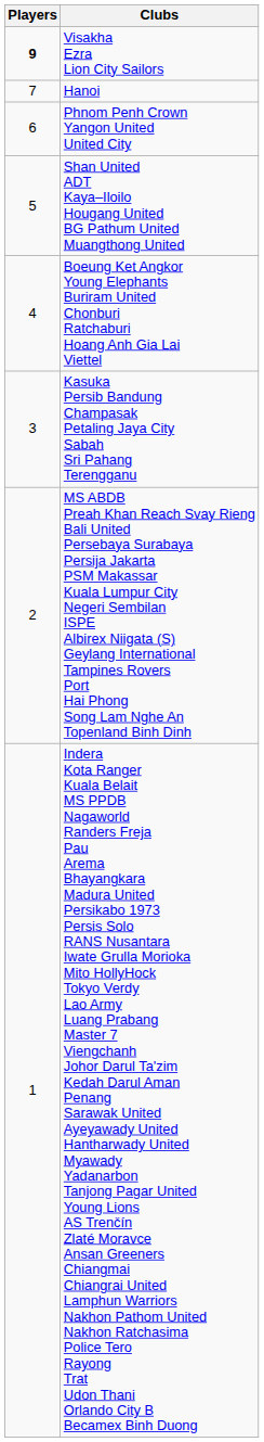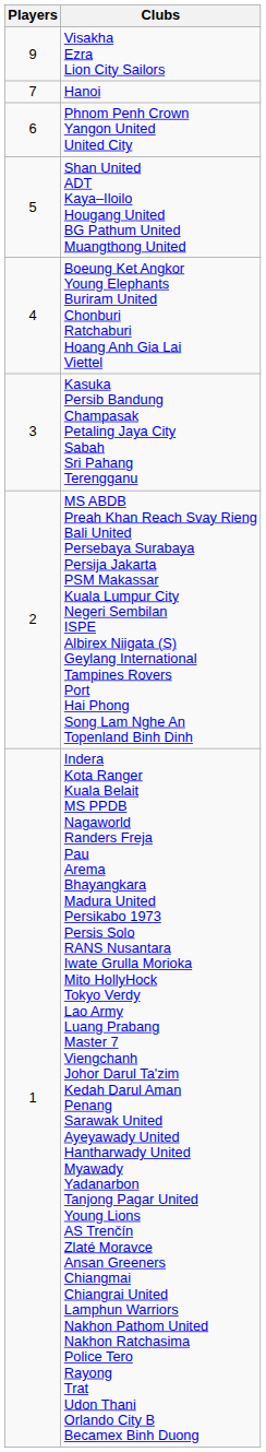 <table class="wikitable mw-collapsible mw-collapsed">
 <tr>
 <th>Players</th>
 <th>Clubs</th>
 </tr>
 <tr>
-<td align=center><strong>9</strong></td>
+<td align=center>9</td>
 <td> <a href='#'>Visakha</a><br> <a href='#'>Ezra</a><br> <a href='#'>Lion City Sailors</a></td>
 </tr>
 <tr>
 <td align=center>7</td>
 <td> <a href='#'>Hanoi</a></td>
 </tr>
 <tr>
 <td align=center>6</td>
 <td> <a href='#'>Phnom Penh Crown</a><br> <a href='#'>Yangon United</a><br> <a href='#'>United City</a></td>
 </tr>
 <tr>
 <td align=center>5</td>
 <td> <a href='#'>Shan United</a><br> <a href='#'>ADT</a><br> <a href='#'>Kaya–Iloilo</a><br> <a href='#'>Hougang United</a><br> <a href='#'>BG Pathum United</a><br> <a href='#'>Muangthong United</a></td>
 </tr>
 <tr>
 <td align=center>4</td>
 <td> <a href='#'>Boeung Ket Angkor</a><br> <a href='#'>Young Elephants</a><br> <a href='#'>Buriram United</a><br> <a href='#'>Chonburi</a><br> <a href='#'>Ratchaburi</a><br> <a href='#'>Hoang Anh Gia Lai</a><br> <a href='#'>Viettel</a></td>
 </tr>
 <tr>
 <td align=center>3</td>
 <td> <a href='#'>Kasuka</a><br> <a href='#'>Persib Bandung</a><br> <a href='#'>Champasak</a><br> <a href='#'>Petaling Jaya City</a><br> <a href='#'>Sabah</a><br> <a href='#'>Sri Pahang</a><br> <a href='#'>Terengganu</a></td>
 </tr>
 <tr>
 <td align=center>2</td>
 <td> <a href='#'>MS ABDB</a><br> <a href='#'>Preah Khan Reach Svay Rieng</a><br> <a href='#'>Bali United</a><br> <a href='#'>Persebaya Surabaya</a><br> <a href='#'>Persija Jakarta</a><br> <a href='#'>PSM Makassar</a><br> <a href='#'>Kuala Lumpur City</a><br> <a href='#'>Negeri Sembilan</a><br> <a href='#'>ISPE</a><br> <a href='#'>Albirex Niigata (S)</a><br> <a href='#'>Geylang International</a><br> <a href='#'>Tampines Rovers</a><br> <a href='#'>Port</a><br> <a href='#'>Hai Phong</a><br> <a href='#'>Song Lam Nghe An</a><br> <a href='#'>Topenland Binh Dinh</a></td>
 </tr>
 <tr>
 <td align=center>1</td>
 <td> <a href='#'>Indera</a><br> <a href='#'>Kota Ranger</a><br> <a href='#'>Kuala Belait</a><br> <a href='#'>MS PPDB</a><br> <a href='#'>Nagaworld</a><br> <a href='#'>Randers Freja</a><br> <a href='#'>Pau</a><br> <a href='#'>Arema</a><br> <a href='#'>Bhayangkara</a><br> <a href='#'>Madura United</a><br> <a href='#'>Persikabo 1973</a><br> <a href='#'>Persis Solo</a><br> <a href='#'>RANS Nusantara</a><br> <a href='#'>Iwate Grulla Morioka</a><br> <a href='#'>Mito HollyHock</a><br> <a href='#'>Tokyo Verdy</a><br> <a href='#'>Lao Army</a><br> <a href='#'>Luang Prabang</a><br> <a href='#'>Master 7</a><br> <a href='#'>Viengchanh</a><br> <a href='#'>Johor Darul Ta'zim</a><br> <a href='#'>Kedah Darul Aman</a><br> <a href='#'>Penang</a><br> <a href='#'>Sarawak United</a><br> <a href='#'>Ayeyawady United</a><br> <a href='#'>Hantharwady United</a><br> <a href='#'>Myawady</a><br> <a href='#'>Yadanarbon</a><br> <a href='#'>Tanjong Pagar United</a><br> <a href='#'>Young Lions</a><br> <a href='#'>AS Trenčín</a><br> <a href='#'>Zlaté Moravce</a><br> <a href='#'>Ansan Greeners</a><br> <a href='#'>Chiangmai</a><br> <a href='#'>Chiangrai United</a><br> <a href='#'>Lamphun Warriors</a><br> <a href='#'>Nakhon Pathom United</a><br> <a href='#'>Nakhon Ratchasima</a><br> <a href='#'>Police Tero</a><br> <a href='#'>Rayong</a><br> <a href='#'>Trat</a><br> <a href='#'>Udon Thani</a><br> <a href='#'>Orlando City B</a><br> <a href='#'>Becamex Binh Duong</a></td>
 </tr>
 </table>
